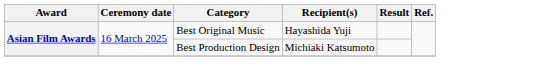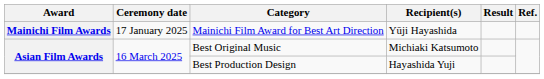 <table class="wikitable">
 <tr>
 <th scope="col">Award</th>
 <th scope="col">Ceremony date</th>
 <th scope="col">Category</th>
 <th scope="col">Recipient(s)</th>
 <th scope="col">Result</th>
 <th scope="col">Ref.</th>
 </tr>
 <tr>
+<th rowspan=1><a href='#'>Mainichi Film Awards</a></th>
+<td rowspan=1>17 January 2025</td>
+<td><a href='#'>Mainichi Film Award for Best Art Direction</a></td>
+<td>Yūji Hayashida</td>
+<td></td>
+<td style="text-align:center" rowspan=1></td>
+</tr>
+<tr>
 <th rowspan="2" scope="row"><a href='#'>Asian Film Awards</a></th>
 <td rowspan="2"><a href='#'>16 March 2025</a></td>
 <td>Best Original Music</td>
-<td>Hayashida Yuji</td>
+<td>Michiaki Katsumoto</td>
 <td></td>
 <td rowspan="2" style="text-align:center"></td>
 </tr>
 <tr>
 <td>Best Production Design</td>
-<td>Michiaki Katsumoto</td>
+<td>Hayashida Yuji</td>
 <td></td>
 </tr>
 <tr>
 </tr>
 </table>
